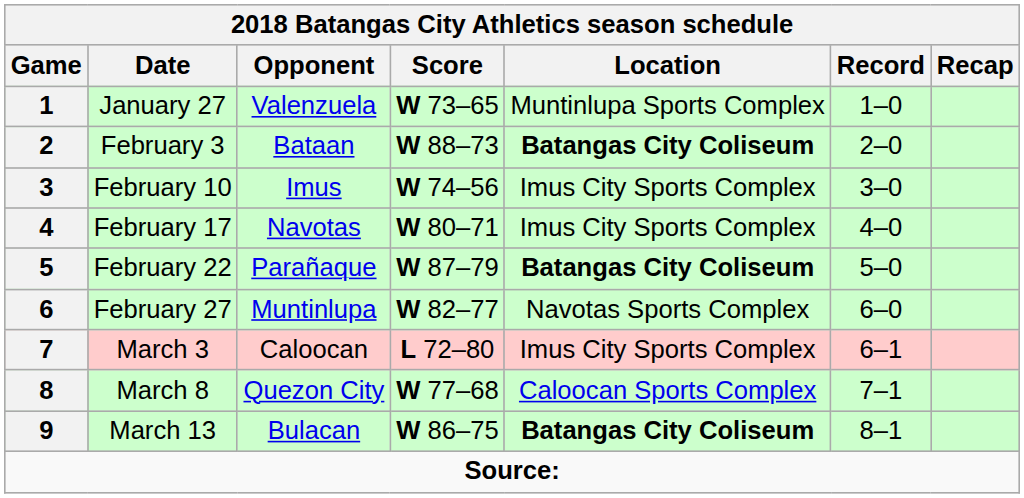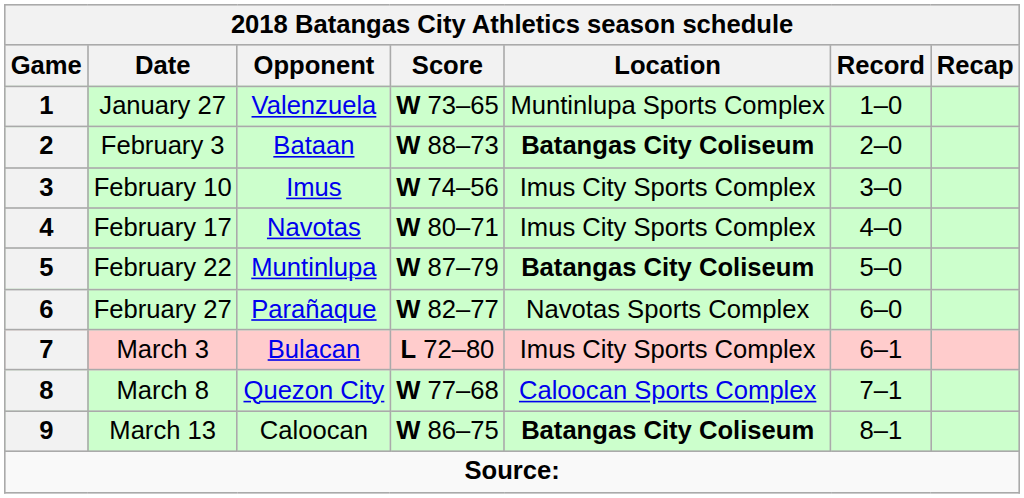 <table class="wikitable" style="text-align:center">
 <tr>
 <th colspan=7>2018 Batangas City Athletics season schedule</th>
 </tr>
 <tr>
 <th>Game</th>
 <th>Date</th>
 <th>Opponent</th>
 <th>Score</th>
 <th>Location</th>
 <th>Record</th>
 <th>Recap</th>
 </tr>
 <tr style="background:#cfc">
 <th>1</th>
 <td>January 27</td>
 <td><a href='#'>Valenzuela</a></td>
 <td><strong>W</strong> 73–65</td>
 <td>Muntinlupa Sports Complex</td>
 <td>1–0</td>
 <td></td>
 </tr>
 <tr style="background:#cfc">
 <th>2</th>
 <td>February 3</td>
 <td><a href='#'>Bataan</a></td>
 <td><strong>W</strong> 88–73</td>
 <td><strong>Batangas City Coliseum</strong></td>
 <td>2–0</td>
 <td></td>
 </tr>
 <tr style="background:#cfc">
 <th>3</th>
 <td>February 10</td>
 <td><a href='#'>Imus</a></td>
 <td><strong>W</strong> 74–56</td>
 <td>Imus City Sports Complex</td>
 <td>3–0</td>
 <td></td>
 </tr>
 <tr style="background:#cfc">
 <th>4</th>
 <td>February 17</td>
 <td><a href='#'>Navotas</a></td>
 <td><strong>W</strong> 80–71</td>
 <td>Imus City Sports Complex</td>
 <td>4–0</td>
 <td></td>
 </tr>
 <tr style="background:#cfc">
 <th>5</th>
 <td>February 22</td>
-<td><a href='#'>Parañaque</a></td>
+<td><a href='#'>Muntinlupa</a></td>
 <td><strong>W</strong> 87–79 </td>
 <td><strong>Batangas City Coliseum</strong></td>
 <td>5–0</td>
 <td></td>
 </tr>
 <tr style="background:#cfc">
 <th>6</th>
 <td>February 27</td>
-<td><a href='#'>Muntinlupa</a></td>
+<td><a href='#'>Parañaque</a></td>
 <td><strong>W</strong> 82–77</td>
 <td>Navotas Sports Complex</td>
 <td>6–0</td>
 <td></td>
 </tr>
 <tr style="background:#fcc">
 <th>7</th>
 <td>March 3</td>
-<td>Caloocan</td>
+<td><a href='#'>Bulacan</a></td>
 <td><strong>L</strong> 72–80</td>
 <td>Imus City Sports Complex</td>
 <td>6–1</td>
 <td></td>
 </tr>
 <tr style="background:#cfc">
 <th>8</th>
 <td>March 8</td>
 <td><a href='#'>Quezon City</a></td>
 <td><strong>W</strong> 77–68</td>
 <td><a href='#'>Caloocan Sports Complex</a></td>
 <td>7–1</td>
 <td></td>
 </tr>
 <tr style="background:#cfc">
 <th>9</th>
 <td>March 13</td>
-<td><a href='#'>Bulacan</a></td>
+<td>Caloocan</td>
 <td><strong>W</strong> 86–75</td>
 <td><strong>Batangas City Coliseum</strong></td>
 <td>8–1</td>
 <td></td>
 </tr>
 <tr>
 <td colspan=7 align=center><strong>Source: </strong></td>
 </tr>
 </table>
